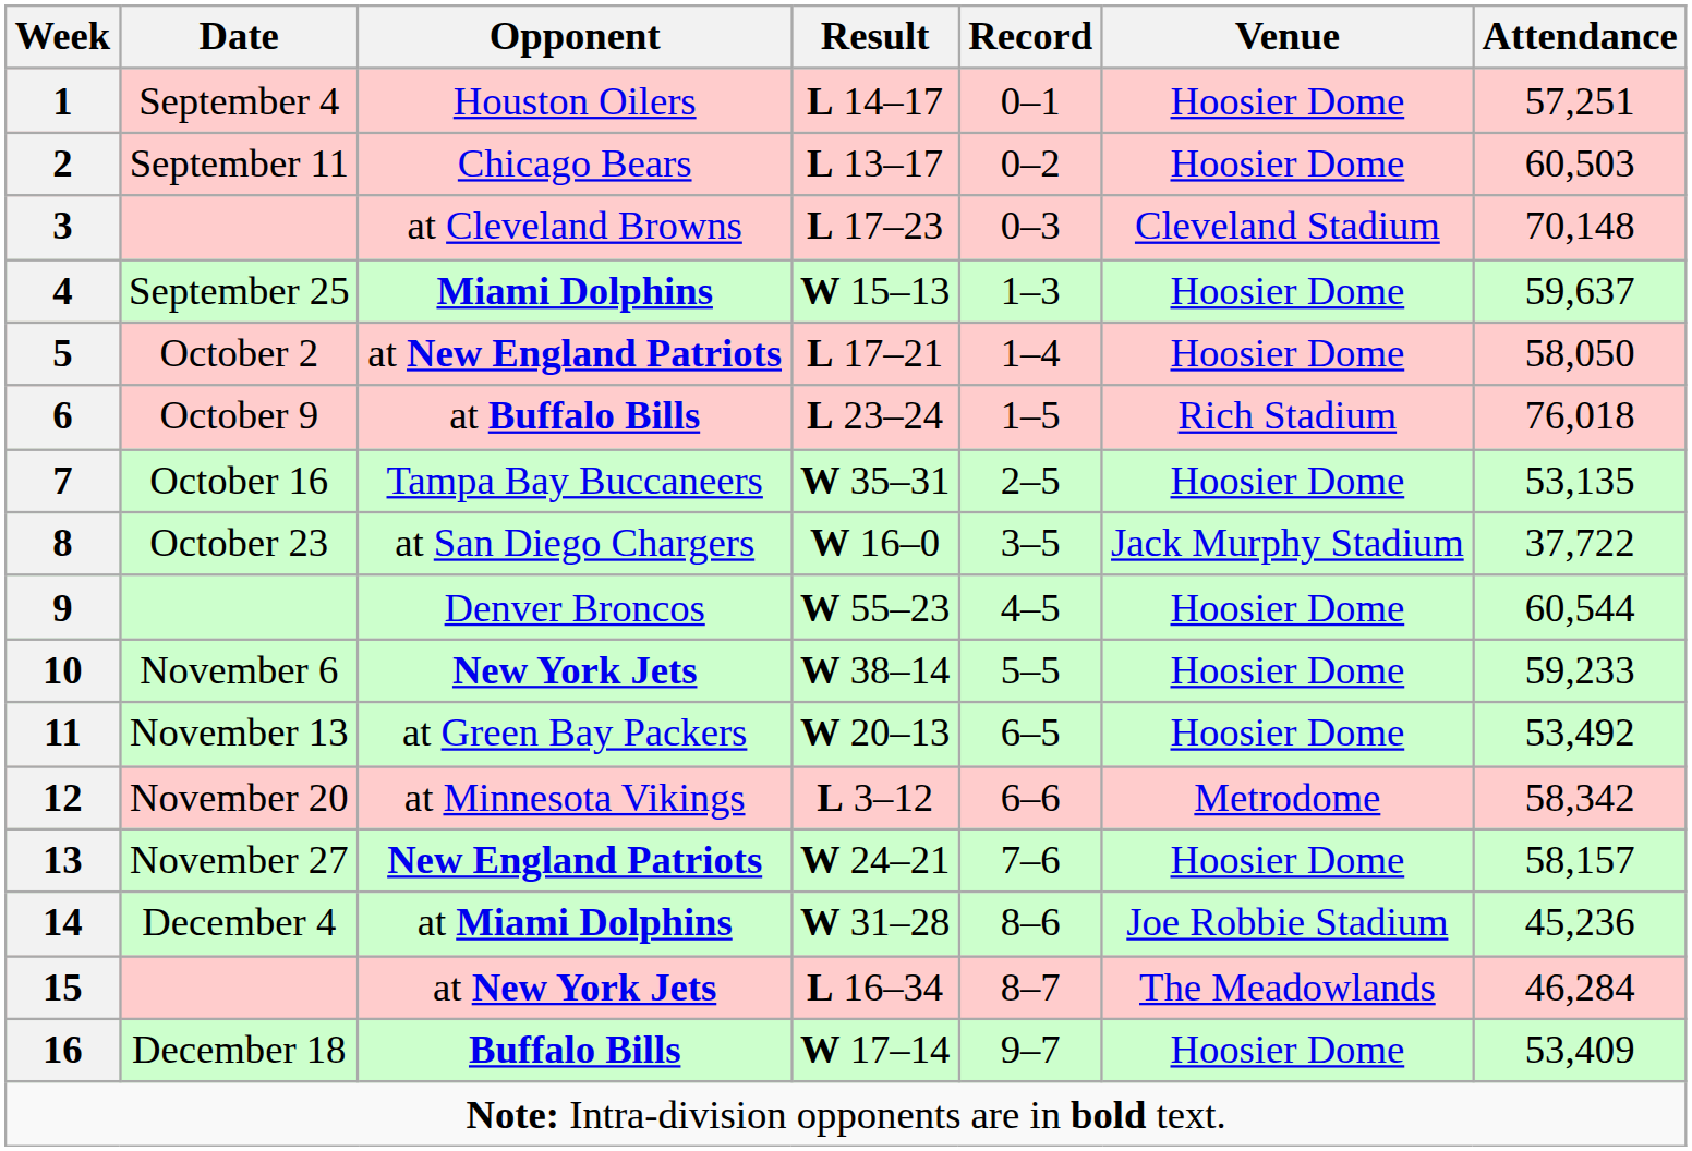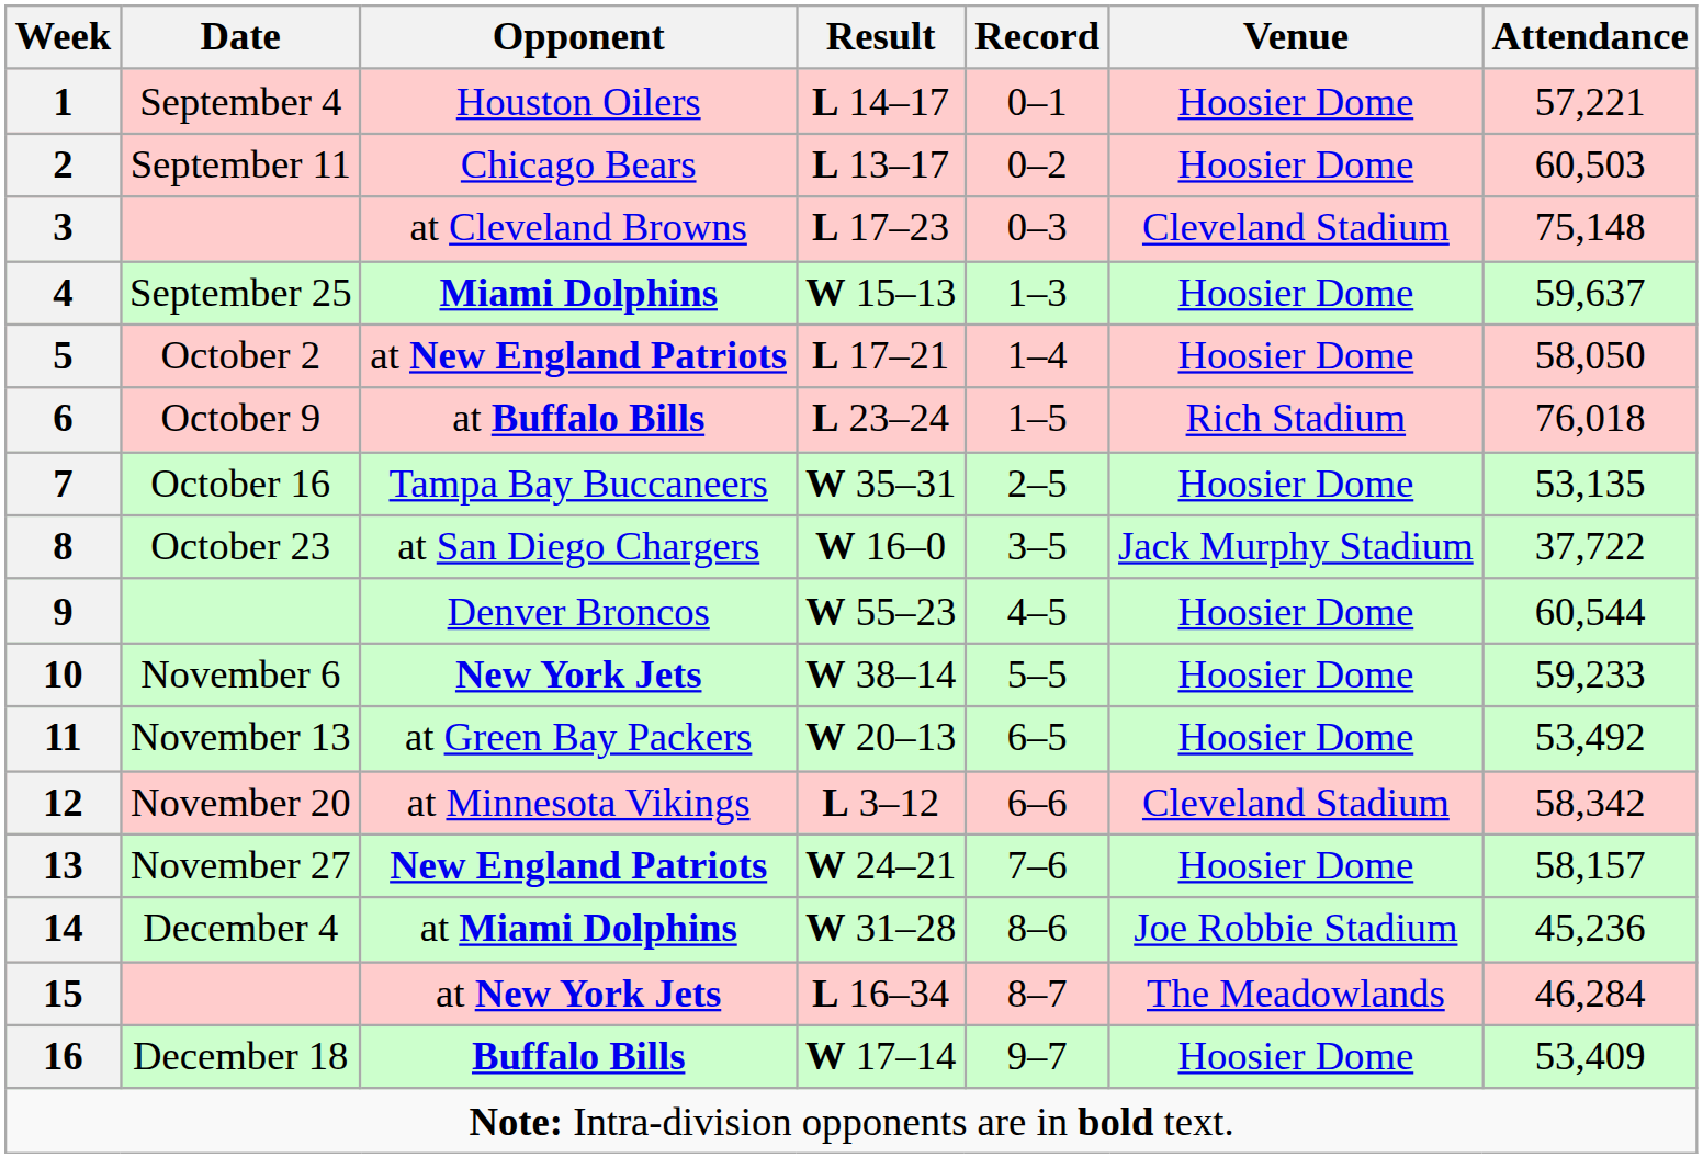 <table class="wikitable" style="text-align:center">
 <tr>
 <th>Week</th>
 <th>Date</th>
 <th>Opponent</th>
 <th>Result</th>
 <th>Record</th>
 <th>Venue</th>
 <th>Attendance</th>
 </tr>
 <tr style="background:#fcc">
 <th>1</th>
 <td>September 4</td>
 <td><a href='#'>Houston Oilers</a></td>
 <td><strong>L</strong> 14–17 </td>
 <td>0–1</td>
 <td><a href='#'>Hoosier Dome</a></td>
-<td>57,251</td>
+<td>57,221</td>
 </tr>
 <tr style="background:#fcc">
 <th>2</th>
 <td>September 11</td>
 <td><a href='#'>Chicago Bears</a></td>
 <td><strong>L</strong> 13–17</td>
 <td>0–2</td>
 <td><a href='#'>Hoosier Dome</a></td>
 <td>60,503</td>
 </tr>
 <tr style="background:#fcc">
 <th>3</th>
 <td></td>
 <td>at <a href='#'>Cleveland Browns</a></td>
 <td><strong>L</strong> 17–23</td>
 <td>0–3</td>
 <td><a href='#'>Cleveland Stadium</a></td>
-<td>70,148</td>
+<td>75,148</td>
 </tr>
 <tr style="background:#cfc">
 <th>4</th>
 <td>September 25</td>
 <td><strong><a href='#'>Miami Dolphins</a></strong></td>
 <td><strong>W</strong> 15–13</td>
 <td>1–3</td>
 <td><a href='#'>Hoosier Dome</a></td>
 <td>59,637</td>
 </tr>
 <tr style="background:#fcc">
 <th>5</th>
 <td>October 2</td>
 <td>at <strong><a href='#'>New England Patriots</a></strong></td>
 <td><strong>L</strong> 17–21</td>
 <td>1–4</td>
 <td><a href='#'>Hoosier Dome</a></td>
 <td>58,050</td>
 </tr>
 <tr style="background:#fcc">
 <th>6</th>
 <td>October 9</td>
 <td>at <strong><a href='#'>Buffalo Bills</a></strong></td>
 <td><strong>L</strong> 23–24</td>
 <td>1–5</td>
 <td><a href='#'>Rich Stadium</a></td>
 <td>76,018</td>
 </tr>
 <tr style="background:#cfc">
 <th>7</th>
 <td>October 16</td>
 <td><a href='#'>Tampa Bay Buccaneers</a></td>
 <td><strong>W</strong> 35–31</td>
 <td>2–5</td>
 <td><a href='#'>Hoosier Dome</a></td>
 <td>53,135</td>
 </tr>
 <tr style="background:#cfc">
 <th>8</th>
 <td>October 23</td>
 <td>at <a href='#'>San Diego Chargers</a></td>
 <td><strong>W</strong> 16–0</td>
 <td>3–5</td>
 <td><a href='#'>Jack Murphy Stadium</a></td>
 <td>37,722</td>
 </tr>
 <tr style="background:#cfc">
 <th>9</th>
 <td></td>
 <td><a href='#'>Denver Broncos</a></td>
 <td><strong>W</strong> 55–23</td>
 <td>4–5</td>
 <td><a href='#'>Hoosier Dome</a></td>
 <td>60,544</td>
 </tr>
 <tr style="background:#cfc">
 <th>10</th>
 <td>November 6</td>
 <td><strong><a href='#'>New York Jets</a></strong></td>
 <td><strong>W</strong> 38–14</td>
 <td>5–5</td>
 <td><a href='#'>Hoosier Dome</a></td>
 <td>59,233</td>
 </tr>
 <tr style="background:#cfc">
 <th>11</th>
 <td>November 13</td>
 <td>at <a href='#'>Green Bay Packers</a></td>
 <td><strong>W</strong> 20–13</td>
 <td>6–5</td>
 <td><a href='#'>Hoosier Dome</a></td>
 <td>53,492</td>
 </tr>
 <tr style="background:#fcc">
 <th>12</th>
 <td>November 20</td>
 <td>at <a href='#'>Minnesota Vikings</a></td>
 <td><strong>L</strong> 3–12</td>
 <td>6–6</td>
-<td><a href='#'>Metrodome</a></td>
+<td><a href='#'>Cleveland Stadium</a></td>
 <td>58,342</td>
 </tr>
 <tr style="background:#cfc">
 <th>13</th>
 <td>November 27</td>
 <td><strong><a href='#'>New England Patriots</a></strong></td>
 <td><strong>W</strong> 24–21</td>
 <td>7–6</td>
 <td><a href='#'>Hoosier Dome</a></td>
 <td>58,157</td>
 </tr>
 <tr style="background:#cfc">
 <th>14</th>
 <td>December 4</td>
 <td>at <strong><a href='#'>Miami Dolphins</a></strong></td>
 <td><strong>W</strong> 31–28</td>
 <td>8–6</td>
 <td><a href='#'>Joe Robbie Stadium</a></td>
 <td>45,236</td>
 </tr>
 <tr style="background:#fcc">
 <th>15</th>
 <td></td>
 <td>at <strong><a href='#'>New York Jets</a></strong></td>
 <td><strong>L</strong> 16–34</td>
 <td>8–7</td>
 <td><a href='#'>The Meadowlands</a></td>
 <td>46,284</td>
 </tr>
 <tr style="background:#cfc">
 <th>16</th>
 <td>December 18</td>
 <td><strong><a href='#'>Buffalo Bills</a></strong></td>
 <td><strong>W</strong> 17–14</td>
 <td>9–7</td>
 <td><a href='#'>Hoosier Dome</a></td>
 <td>53,409</td>
 </tr>
 <tr>
 <td colspan="8"><strong>Note:</strong> Intra-division opponents are in <strong>bold</strong> text.</td>
 </tr>
 </table>
